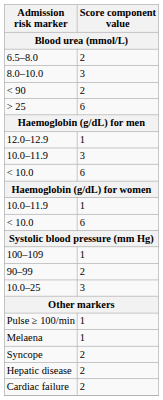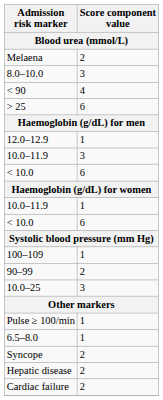 <table class="wikitable">
 <tr>
 <th>Admission<br>risk marker</th>
 <th>Score component<br>value</th>
 </tr>
 <tr>
 <th colspan=2>Blood urea (mmol/L)</th>
 </tr>
 <tr>
-<td>6.5–8.0</td>
+<td>Melaena</td>
 <td>2</td>
 </tr>
 <tr>
 <td>8.0–10.0</td>
 <td>3</td>
 </tr>
 <tr>
 <td>< 90</td>
-<td>2</td>
+<td>4</td>
 </tr>
 <tr>
 <td>> 25</td>
 <td>6</td>
 </tr>
 <tr>
 <th colspan=2>Haemoglobin (g/dL) for men</th>
 </tr>
 <tr>
 <td>12.0–12.9</td>
 <td>1</td>
 </tr>
 <tr>
 <td>10.0–11.9</td>
 <td>3</td>
 </tr>
 <tr>
 <td>< 10.0</td>
 <td>6</td>
 </tr>
 <tr>
 <th colspan=2>Haemoglobin (g/dL) for women</th>
 </tr>
 <tr>
 <td>10.0–11.9</td>
 <td>1</td>
 </tr>
 <tr>
 <td>< 10.0</td>
 <td>6</td>
 </tr>
 <tr>
 <th colspan=2>Systolic blood pressure (mm Hg)</th>
 </tr>
 <tr>
 <td>100–109</td>
 <td>1</td>
 </tr>
 <tr>
 <td>90–99</td>
 <td>2</td>
 </tr>
 <tr>
 <td>10.0–25</td>
 <td>3</td>
 </tr>
 <tr>
 <th colspan=2>Other markers</th>
 </tr>
 <tr>
 <td>Pulse ≥ 100/min</td>
 <td>1</td>
 </tr>
 <tr>
-<td>Melaena</td>
+<td>6.5–8.0</td>
 <td>1</td>
 </tr>
 <tr>
 <td>Syncope</td>
 <td>2</td>
 </tr>
 <tr>
 <td>Hepatic disease</td>
 <td>2</td>
 </tr>
 <tr>
 <td>Cardiac failure</td>
 <td>2</td>
 </tr>
 <tr>
 </tr>
 </table>
